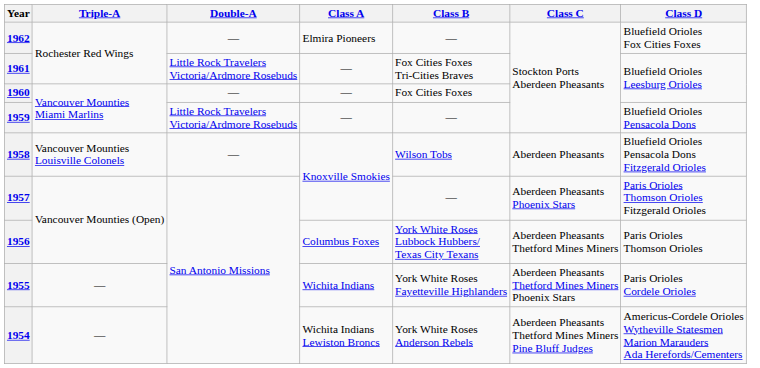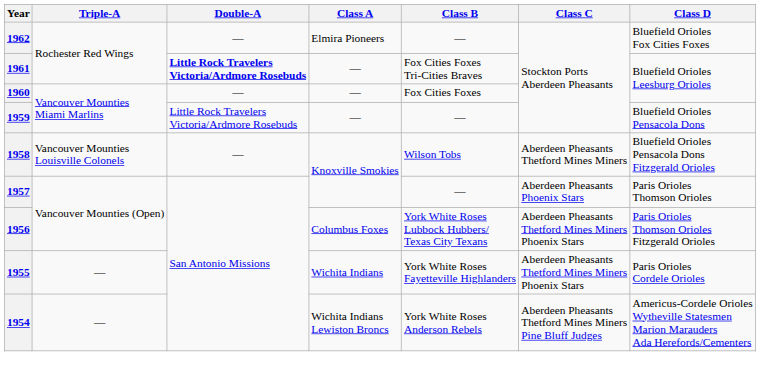 <table class="wikitable">
 <tr>
 <th>Year</th>
 <th><a href='#'><span>Triple-A</span></a></th>
 <th><a href='#'><span>Double-A</span></a></th>
 <th><a href='#'><span>Class A</span></a></th>
 <th><a href='#'><span>Class B</span></a></th>
 <th><a href='#'><span>Class C</span></a></th>
 <th><a href='#'><span>Class D</span></a></th>
 </tr>
 <tr>
 <th><a href='#'>1962</a></th>
 <td rowspan=2>Rochester Red Wings</td>
 <td align="center">—</td>
 <td>Elmira Pioneers</td>
 <td align="center">—</td>
 <td rowspan=4>Stockton Ports<br>Aberdeen Pheasants</td>
 <td>Bluefield Orioles<br>Fox Cities Foxes</td>
 </tr>
 <tr>
 <th><a href='#'>1961</a></th>
-<td><a href='#'>Little Rock Travelers</a><br><a href='#'>Victoria/Ardmore Rosebuds</a></td>
+<td><strong><a href='#'>Little Rock Travelers</a><br><a href='#'>Victoria/Ardmore Rosebuds</a></strong></td>
 <td align="center">—</td>
 <td>Fox Cities Foxes<br>Tri-Cities Braves</td>
 <td rowspan=2>Bluefield Orioles<br><a href='#'>Leesburg Orioles</a></td>
 </tr>
 <tr>
 <th><a href='#'>1960</a></th>
 <td rowspan=2><a href='#'>Vancouver Mounties</a><br><a href='#'>Miami Marlins</a></td>
 <td align="center">—</td>
 <td align="center">—</td>
 <td>Fox Cities Foxes</td>
 </tr>
 <tr>
 <th><a href='#'>1959</a></th>
 <td><a href='#'>Little Rock Travelers</a><br><a href='#'>Victoria/Ardmore Rosebuds</a></td>
 <td align="center">—</td>
 <td align="center">—</td>
 <td>Bluefield Orioles<br><a href='#'>Pensacola Dons</a></td>
 </tr>
 <tr>
 <th><a href='#'>1958</a></th>
 <td>Vancouver Mounties<br><a href='#'>Louisville Colonels</a></td>
 <td align="center">—</td>
 <td rowspan=2><a href='#'>Knoxville Smokies</a></td>
 <td><a href='#'>Wilson Tobs</a></td>
-<td>Aberdeen Pheasants</td>
+<td>Aberdeen Pheasants<br>Thetford Mines Miners</td>
 <td>Bluefield Orioles<br>Pensacola Dons<br><a href='#'>Fitzgerald Orioles</a></td>
 </tr>
 <tr>
 <th><a href='#'>1957</a></th>
 <td rowspan=2>Vancouver Mounties (Open)</td>
 <td rowspan=4><a href='#'>San Antonio Missions</a></td>
 <td align="center">—</td>
 <td>Aberdeen Pheasants<br><a href='#'>Phoenix Stars</a></td>
-<td><a href='#'>Paris Orioles</a><br><a href='#'>Thomson Orioles</a><br>Fitzgerald Orioles</td>
+<td>Paris Orioles<br>Thomson Orioles</td>
 </tr>
 <tr>
 <th><a href='#'>1956</a></th>
 <td><a href='#'>Columbus Foxes</a></td>
 <td><a href='#'>York White Roses</a><br><a href='#'>Lubbock Hubbers/<br>Texas City Texans</a></td>
-<td>Aberdeen Pheasants<br>Thetford Mines Miners</td>
-<td>Paris Orioles<br>Thomson Orioles</td>
+<td>Aberdeen Pheasants<br><a href='#'>Thetford Mines Miners</a><br>Phoenix Stars</td>
+<td><a href='#'>Paris Orioles</a><br><a href='#'>Thomson Orioles</a><br>Fitzgerald Orioles</td>
 </tr>
 <tr>
 <th><a href='#'>1955</a></th>
 <td align="center">—</td>
 <td><a href='#'>Wichita Indians</a></td>
 <td>York White Roses<br><a href='#'>Fayetteville Highlanders</a></td>
 <td>Aberdeen Pheasants<br><a href='#'>Thetford Mines Miners</a><br>Phoenix Stars</td>
 <td>Paris Orioles<br><a href='#'>Cordele Orioles</a></td>
 </tr>
 <tr>
 <th><a href='#'>1954</a></th>
 <td align="center">—</td>
 <td>Wichita Indians<br><a href='#'>Lewiston Broncs</a></td>
 <td>York White Roses<br><a href='#'>Anderson Rebels</a></td>
 <td>Aberdeen Pheasants<br>Thetford Mines Miners<br><a href='#'>Pine Bluff Judges</a></td>
 <td>Americus-Cordele Orioles<br><a href='#'>Wytheville Statesmen</a><br><a href='#'>Marion Marauders</a><br><a href='#'>Ada Herefords/Cementers</a></td>
 </tr>
 </table>
